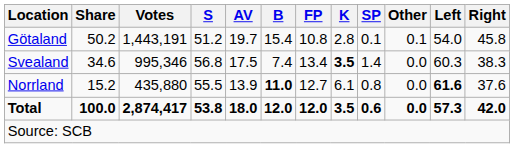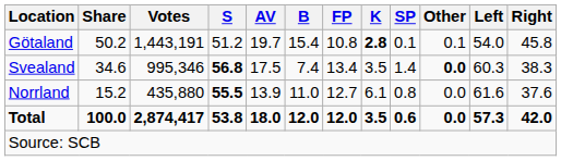 <table class="wikitable sortable" style=text-align:right>
 <tr>
 <th>Location</th>
 <th>Share</th>
 <th>Votes</th>
 <th><a href='#'>S</a></th>
 <th><a href='#'>AV</a></th>
 <th><a href='#'>B</a></th>
 <th><a href='#'>FP</a></th>
 <th><a href='#'>K</a></th>
 <th><a href='#'>SP</a></th>
 <th>Other</th>
 <th>Left</th>
 <th>Right</th>
 </tr>
 <tr>
 <td align=left><a href='#'>Götaland</a></td>
 <td>50.2</td>
 <td>1,443,191</td>
 <td>51.2</td>
 <td>19.7</td>
 <td>15.4</td>
 <td>10.8</td>
-<td>2.8</td>
+<td><strong>2.8</strong></td>
 <td>0.1</td>
 <td>0.1</td>
 <td>54.0</td>
 <td>45.8</td>
 </tr>
 <tr>
 <td align=left><a href='#'>Svealand</a></td>
 <td>34.6</td>
 <td>995,346</td>
-<td>56.8</td>
+<td><strong>56.8</strong></td>
 <td>17.5</td>
 <td>7.4</td>
 <td>13.4</td>
-<td><strong>3.5</strong></td>
+<td>3.5</td>
 <td>1.4</td>
-<td>0.0</td>
+<td><strong>0.0</strong></td>
 <td>60.3</td>
 <td>38.3</td>
 </tr>
 <tr>
 <td align=left><a href='#'>Norrland</a></td>
 <td>15.2</td>
 <td>435,880</td>
-<td>55.5</td>
+<td><strong>55.5</strong></td>
 <td>13.9</td>
-<td><strong>11.0</strong></td>
+<td>11.0</td>
 <td>12.7</td>
 <td>6.1</td>
 <td>0.8</td>
 <td>0.0</td>
-<td><strong>61.6</strong></td>
+<td>61.6</td>
 <td>37.6</td>
 </tr>
 <tr>
 <td align=left><strong>Total</strong></td>
 <td><strong>100.0</strong></td>
 <td><strong>2,874,417</strong></td>
 <td><strong>53.8</strong></td>
 <td><strong>18.0</strong></td>
 <td><strong>12.0</strong></td>
 <td><strong>12.0</strong></td>
 <td><strong>3.5</strong></td>
 <td><strong>0.6</strong></td>
 <td><strong>0.0</strong></td>
 <td><strong>57.3</strong></td>
 <td><strong>42.0</strong></td>
 </tr>
 <tr>
 <td align=left colspan=12>Source: SCB </td>
 </tr>
 </table>
